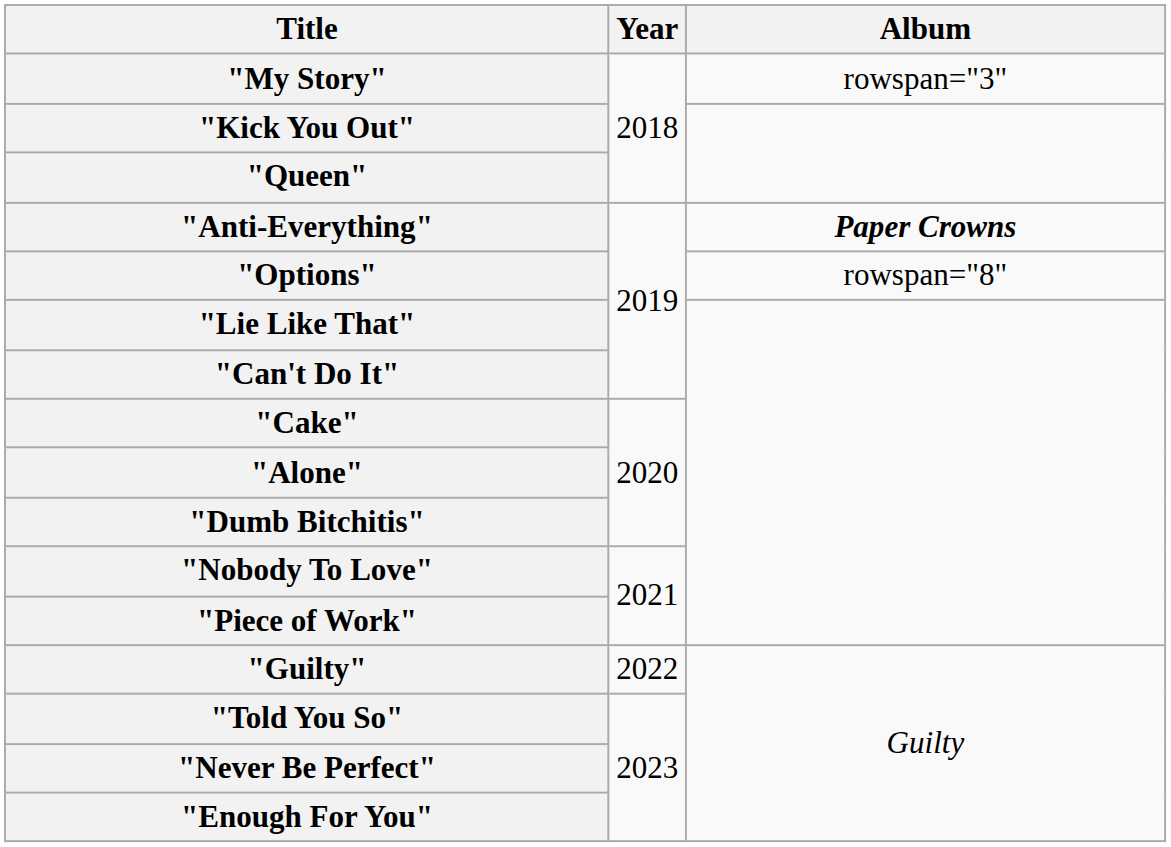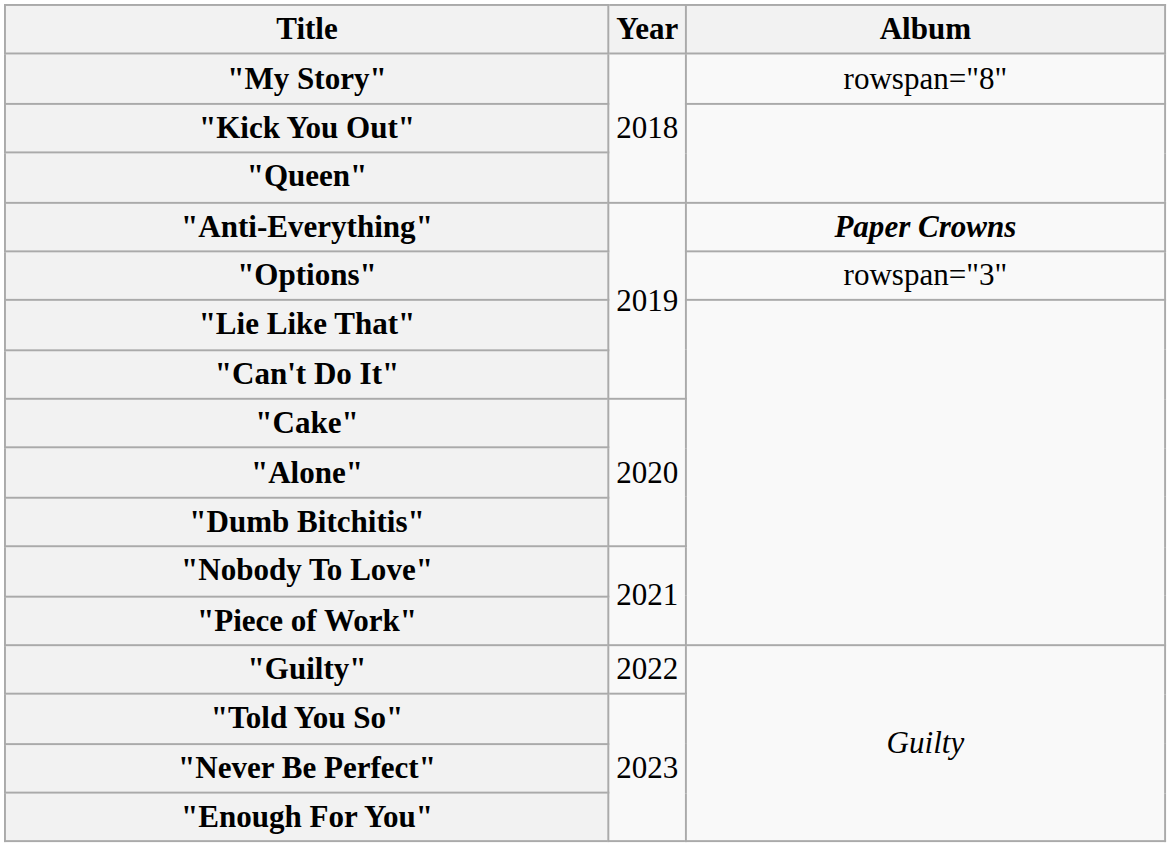 <table class="wikitable plainrowheaders" style="text-align:center">
 <tr>
 <th scope="col" style="width:19em;">Title</th>
 <th scope="col" style="width:1em;">Year</th>
 <th scope="col" style="width:15em;">Album</th>
 </tr>
 <tr>
 <th scope="row">"My Story"</th>
 <td rowspan="3">2018</td>
-<td>rowspan="3" </td>
+<td>rowspan="8" </td>
 </tr>
 <tr>
 <th scope="row">"Kick You Out"</th>
 </tr>
 <tr>
 <th scope="row">"Queen"</th>
 </tr>
 <tr>
 <th scope="row">"Anti-Everything" </th>
 <td rowspan="4">2019</td>
 <td><strong><em>Paper Crowns</em></strong></td>
 </tr>
 <tr>
 <th scope="row">"Options"</th>
-<td>rowspan="8" </td>
+<td>rowspan="3" </td>
 </tr>
 <tr>
 <th scope="row">"Lie Like That"</th>
 </tr>
 <tr>
 <th scope="row">"Can't Do It" </th>
 </tr>
 <tr>
 <th scope="row">"Cake"</th>
 <td rowspan="3">2020</td>
 </tr>
 <tr>
 <th scope="row">"Alone"</th>
 </tr>
 <tr>
 <th scope="row">"Dumb Bitchitis" </th>
 </tr>
 <tr>
 <th scope="row">"Nobody To Love" </th>
 <td rowspan="2">2021</td>
 </tr>
 <tr>
 <th scope="row">"Piece of Work"</th>
 </tr>
 <tr>
 <th scope="row">"Guilty"</th>
 <td>2022</td>
 <td rowspan="4"><em>Guilty</em></td>
 </tr>
 <tr>
 <th scope="row">"Told You So"</th>
 <td rowspan="3">2023</td>
 </tr>
 <tr>
 <th scope="row">"Never Be Perfect"</th>
 </tr>
 <tr>
 <th scope="row">"Enough For You"</th>
 </tr>
 </table>
